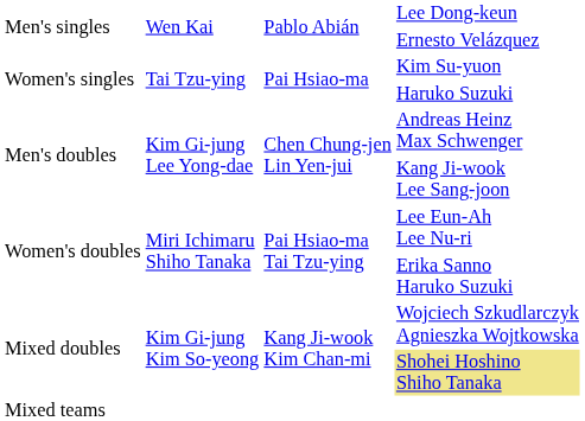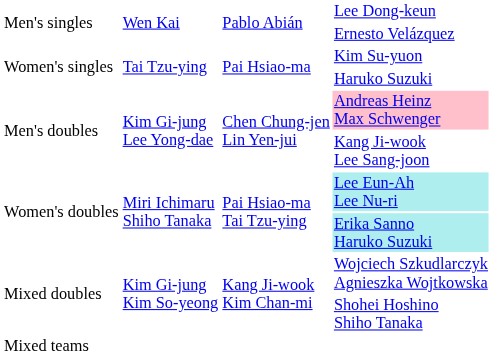 <table>
 <tr>
 <td rowspan="2">Men's singles</td>
 <td rowspan="2"> <a href='#'>Wen Kai</a></td>
 <td rowspan="2"> <a href='#'>Pablo Abián</a></td>
 <td> <a href='#'>Lee Dong-keun</a></td>
 </tr>
 <tr>
 <td> <a href='#'>Ernesto Velázquez</a></td>
 </tr>
 <tr>
 <td rowspan="2">Women's singles</td>
 <td rowspan="2"> <a href='#'>Tai Tzu-ying</a></td>
 <td rowspan="2"> <a href='#'>Pai Hsiao-ma</a></td>
 <td> <a href='#'>Kim Su-yuon</a></td>
 </tr>
 <tr>
 <td> <a href='#'>Haruko Suzuki</a></td>
 </tr>
 <tr>
 <td rowspan="2">Men's doubles</td>
 <td rowspan="2"> <a href='#'>Kim Gi-jung</a><br> <a href='#'>Lee Yong-dae</a></td>
 <td rowspan="2"> <a href='#'>Chen Chung-jen</a><br> <a href='#'>Lin Yen-jui</a></td>
-<td> <a href='#'>Andreas Heinz</a><br> <a href='#'>Max Schwenger</a></td>
+<td style="background: pink;"> <a href='#'>Andreas Heinz</a><br> <a href='#'>Max Schwenger</a></td>
 </tr>
 <tr>
 <td> <a href='#'>Kang Ji-wook</a><br> <a href='#'>Lee Sang-joon</a></td>
 </tr>
 <tr>
 <td rowspan="2">Women's doubles</td>
 <td rowspan="2"> <a href='#'>Miri Ichimaru</a><br> <a href='#'>Shiho Tanaka</a></td>
 <td rowspan="2"> <a href='#'>Pai Hsiao-ma</a><br> <a href='#'>Tai Tzu-ying</a></td>
-<td> <a href='#'>Lee Eun-Ah</a><br> <a href='#'>Lee Nu-ri</a></td>
+<td style="background: paleturquoise;"> <a href='#'>Lee Eun-Ah</a><br> <a href='#'>Lee Nu-ri</a></td>
 </tr>
 <tr>
-<td> <a href='#'>Erika Sanno</a><br> <a href='#'>Haruko Suzuki</a></td>
+<td style="background: paleturquoise;"> <a href='#'>Erika Sanno</a><br> <a href='#'>Haruko Suzuki</a></td>
 </tr>
 <tr>
 <td rowspan="2">Mixed doubles</td>
 <td rowspan="2"> <a href='#'>Kim Gi-jung</a><br> <a href='#'>Kim So-yeong</a></td>
 <td rowspan="2"> <a href='#'>Kang Ji-wook</a><br> <a href='#'>Kim Chan-mi</a></td>
 <td> <a href='#'>Wojciech Szkudlarczyk</a><br> <a href='#'>Agnieszka Wojtkowska</a></td>
 </tr>
 <tr>
-<td style="background: khaki;"> <a href='#'>Shohei Hoshino</a><br> <a href='#'>Shiho Tanaka</a></td>
+<td> <a href='#'>Shohei Hoshino</a><br> <a href='#'>Shiho Tanaka</a></td>
 </tr>
 <tr>
 <td rowspan="2">Mixed teams</td>
 <td align="center" rowspan="2"></td>
 <td align="center" rowspan="2"></td>
 <td align="center"></td>
 </tr>
 <tr>
 <td align="center"></td>
 </tr>
 </table>
